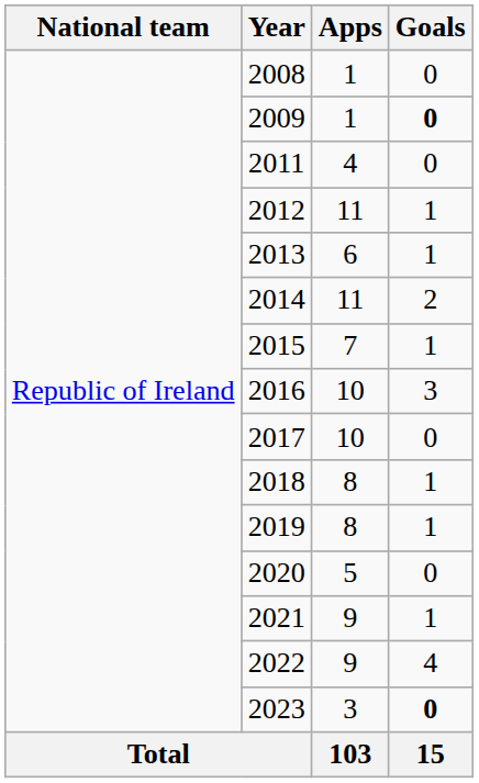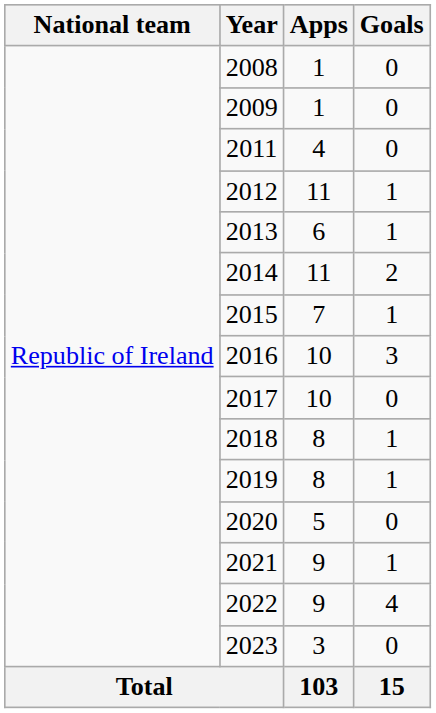 <table class="sortable wikitable" style="text-align:center">
 <tr>
 <th scope="col">National team</th>
 <th scope="col">Year</th>
 <th !scope="col">Apps</th>
 <th !scope="col">Goals</th>
 </tr>
 <tr>
 <td rowspan="15"><a href='#'>Republic of Ireland</a></td>
 <td scope="row">2008</td>
 <td>1</td>
 <td>0</td>
 </tr>
 <tr>
 <td scope="row">2009</td>
 <td>1</td>
-<td><strong>0</strong></td>
+<td>0</td>
 </tr>
 <tr>
 <td scope="row">2011</td>
 <td>4</td>
 <td>0</td>
 </tr>
 <tr>
 <td scope="row">2012</td>
 <td>11</td>
 <td>1</td>
 </tr>
 <tr>
 <td scope="row">2013</td>
 <td>6</td>
 <td>1</td>
 </tr>
 <tr>
 <td scope="row">2014</td>
 <td>11</td>
 <td>2</td>
 </tr>
 <tr>
 <td scope="row">2015</td>
 <td>7</td>
 <td>1</td>
 </tr>
 <tr>
 <td scope="row">2016</td>
 <td>10</td>
 <td>3</td>
 </tr>
 <tr>
 <td scope="row">2017</td>
 <td>10</td>
 <td>0</td>
 </tr>
 <tr>
 <td scope="row">2018</td>
 <td>8</td>
 <td>1</td>
 </tr>
 <tr>
 <td scope="row">2019</td>
 <td>8</td>
 <td>1</td>
 </tr>
 <tr>
 <td scope="row">2020</td>
 <td>5</td>
 <td>0</td>
 </tr>
 <tr>
 <td scope="row">2021</td>
 <td>9</td>
 <td>1</td>
 </tr>
 <tr>
 <td scope="row">2022</td>
 <td>9</td>
 <td>4</td>
 </tr>
 <tr>
 <td scope="row">2023</td>
 <td>3</td>
-<td><strong>0</strong></td>
+<td>0</td>
 </tr>
 <tr>
 <th colspan="2">Total</th>
 <th>103</th>
 <th>15</th>
 </tr>
 </table>
